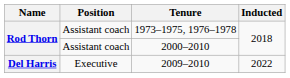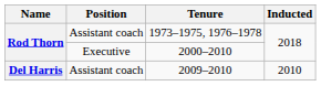 <table class="wikitable" style="text-align:center">
 <tr>
 <th scope="col">Name</th>
 <th scope="col">Position</th>
 <th scope="col">Tenure</th>
 <th scope="col">Inducted</th>
 </tr>
 <tr>
 <th scope="row" rowspan="2"><a href='#'>Rod Thorn</a></th>
 <td>Assistant coach</td>
 <td>1973–1975, 1976–1978</td>
 <td rowspan="2">2018</td>
 </tr>
 <tr>
-<td>Assistant coach</td>
+<td>Executive</td>
 <td>2000–2010</td>
 </tr>
 <tr>
 <th scope="row"><a href='#'>Del Harris</a></th>
-<td>Executive</td>
+<td>Assistant coach</td>
 <td>2009–2010</td>
-<td>2022</td>
+<td>2010</td>
 </tr>
 </table>
